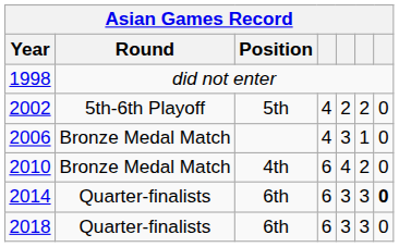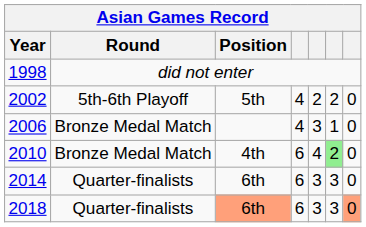 <table class="wikitable" style="text-align: center;">
 <tr>
 <th colspan=10><a href='#'>Asian Games Record</a></th>
 </tr>
 <tr>
 <th>Year</th>
 <th>Round</th>
 <th>Position</th>
 <th></th>
 <th></th>
 <th></th>
 <th></th>
 </tr>
 <tr>
 <td> <a href='#'>1998</a></td>
 <td colspan=6><em>did not enter</em></td>
 </tr>
 <tr>
 <td> <a href='#'>2002</a></td>
 <td>5th-6th Playoff</td>
 <td>5th</td>
 <td>4</td>
 <td>2</td>
 <td>2</td>
 <td>0</td>
 </tr>
 <tr>
 <td> <a href='#'>2006</a></td>
 <td>Bronze Medal Match</td>
 <td></td>
 <td>4</td>
 <td>3</td>
 <td>1</td>
 <td>0</td>
 </tr>
 <tr>
 <td> <a href='#'>2010</a></td>
 <td>Bronze Medal Match</td>
 <td>4th</td>
 <td>6</td>
 <td>4</td>
-<td>2</td>
+<td style="background: lightgreen;">2</td>
 <td>0</td>
 </tr>
 <tr>
 <td> <a href='#'>2014</a></td>
 <td>Quarter-finalists</td>
 <td>6th</td>
 <td>6</td>
 <td>3</td>
 <td>3</td>
-<td><strong>0</strong></td>
+<td>0</td>
 </tr>
 <tr>
 <td> <a href='#'>2018</a></td>
 <td>Quarter-finalists</td>
-<td>6th</td>
+<td style="background: lightsalmon;">6th</td>
 <td>6</td>
 <td>3</td>
 <td>3</td>
-<td>0</td>
+<td style="background: lightsalmon;">0</td>
 </tr>
 </table>
